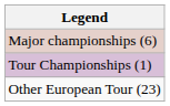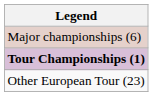 <table class="wikitable" style="font-size:95%;">
 <tr>
 <th>Legend</th>
 </tr>
 <tr style="background:#e5d1cb;">
 <td>Major championships (6)</td>
 </tr>
 <tr style="background:thistle">
-<td>Tour Championships (1)</td>
+<td><strong>Tour Championships (1)</strong></td>
 </tr>
 <tr>
 <td>Other European Tour (23)</td>
 </tr>
 </table>
